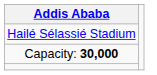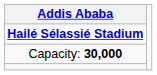 <table class=wikitable style="text-align:center">
 <tr>
 <th><a href='#'>Addis Ababa</a></th>
 <td rowspan=4><br> </td>
 </tr>
 <tr>
-<td><a href='#'>Hailé Sélassié Stadium</a></td>
+<td><strong><a href='#'>Hailé Sélassié Stadium</a></strong></td>
 </tr>
 <tr>
 <td>Capacity: <strong>30,000</strong></td>
 </tr>
 <tr>
 <td></td>
 </tr>
 </table>
